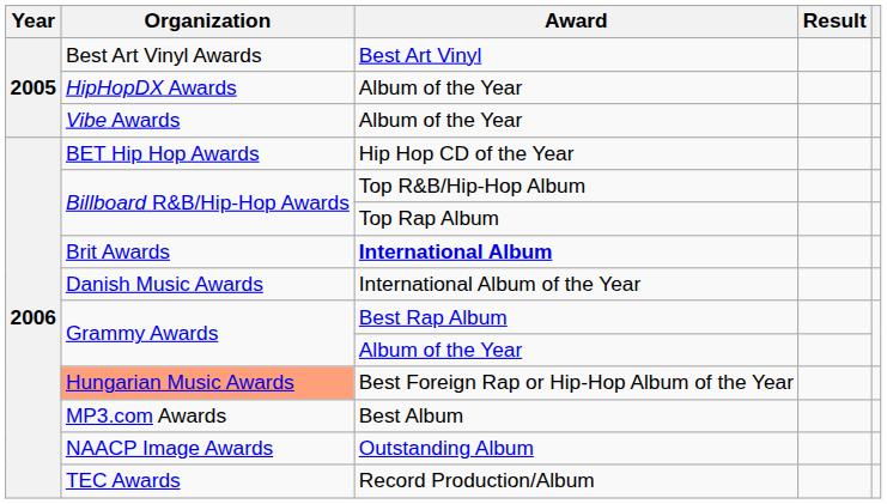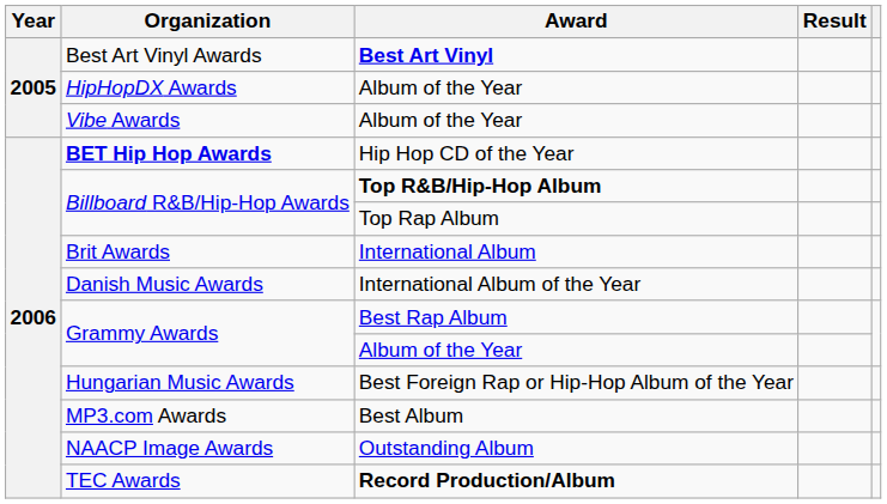 <table class="wikitable sortable plainrowheaders" style="border:none; margin:0;">
 <tr>
 <th scope="col">Year</th>
 <th scope="col">Organization</th>
 <th scope="col">Award</th>
 <th scope="col">Result</th>
 <th scope="col" class="unsortable"></th>
 </tr>
 <tr>
 <th scope="row" rowspan="3">2005</th>
 <td>Best Art Vinyl Awards</td>
-<td><a href='#'>Best Art Vinyl</a></td>
+<td><strong><a href='#'>Best Art Vinyl</a></strong></td>
 <td></td>
 <td></td>
 </tr>
 <tr>
 <td><a href='#'><em>HipHopDX</em> Awards</a></td>
 <td>Album of the Year</td>
 <td></td>
 <td></td>
 </tr>
 <tr>
 <td><a href='#'><em>Vibe</em> Awards</a></td>
 <td>Album of the Year</td>
 <td></td>
 <td></td>
 </tr>
 <tr>
 <th scope="row" rowspan="11">2006</th>
-<td><a href='#'>BET Hip Hop Awards</a></td>
+<td><strong><a href='#'>BET Hip Hop Awards</a></strong></td>
 <td>Hip Hop CD of the Year</td>
 <td></td>
 <td></td>
 </tr>
 <tr>
 <td rowspan="2"><a href='#'><em>Billboard</em> R&B/Hip-Hop Awards</a></td>
-<td>Top R&B/Hip-Hop Album</td>
+<td><strong>Top R&B/Hip-Hop Album</strong></td>
 <td></td>
 <td></td>
 </tr>
 <tr>
 <td>Top Rap Album</td>
 <td></td>
 <td></td>
 </tr>
 <tr>
 <td><a href='#'>Brit Awards</a></td>
-<td><strong><a href='#'>International Album</a></strong></td>
+<td><a href='#'>International Album</a></td>
 <td></td>
 <td></td>
 </tr>
 <tr>
 <td><a href='#'>Danish Music Awards</a></td>
 <td>International Album of the Year</td>
 <td></td>
 <td></td>
 </tr>
 <tr>
 <td rowspan="2"><a href='#'>Grammy Awards</a></td>
 <td><a href='#'>Best Rap Album</a></td>
 <td></td>
 <td rowspan="2"></td>
 </tr>
 <tr>
 <td><a href='#'>Album of the Year</a></td>
 <td></td>
 </tr>
 <tr>
-<td style="background: lightsalmon;"><a href='#'>Hungarian Music Awards</a></td>
+<td><a href='#'>Hungarian Music Awards</a></td>
 <td>Best Foreign Rap or Hip-Hop Album of the Year</td>
 <td></td>
 <td></td>
 </tr>
 <tr>
 <td><a href='#'>MP3.com</a> Awards</td>
 <td>Best Album</td>
 <td></td>
 <td></td>
 </tr>
 <tr>
 <td><a href='#'>NAACP Image Awards</a></td>
 <td><a href='#'>Outstanding Album</a></td>
 <td></td>
 <td></td>
 </tr>
 <tr>
 <td><a href='#'>TEC Awards</a></td>
-<td>Record Production/Album</td>
+<td><strong>Record Production/Album</strong></td>
 <td></td>
 <td></td>
 </tr>
 </table>
